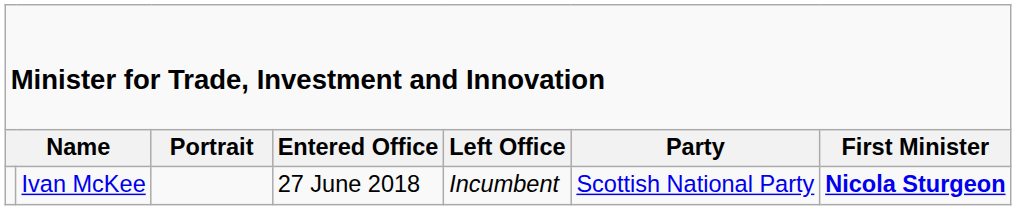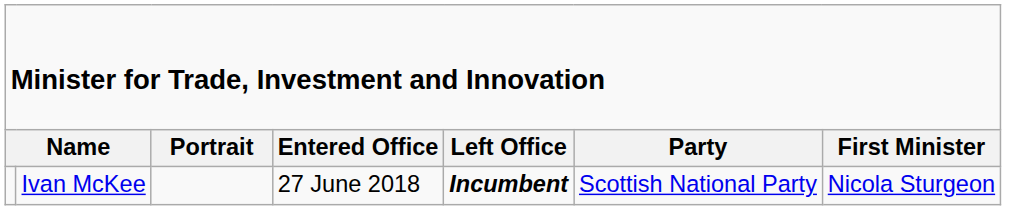 <table class="wikitable" style="margin: 0 0 0 1em; background: #f9f9f9; border: 1px #aaaaaa solid; border-collapse: collapse; ">
 <tr>
 <td colspan="8"><br><h3>Minister for Trade, Investment and Innovation</h3></td>
 </tr>
 <tr>
 <th colspan="2">Name</th>
 <th width=75>Portrait</th>
 <th>Entered Office</th>
 <th>Left Office</th>
 <th>Party</th>
 <th>First Minister</th>
 </tr>
 <tr>
 <td></td>
 <td><a href='#'>Ivan McKee</a></td>
 <td></td>
 <td>27 June 2018</td>
-<td><em>Incumbent</em></td>
+<td><strong><em>Incumbent</em></strong></td>
 <td><a href='#'>Scottish National Party</a></td>
-<td><strong><a href='#'>Nicola Sturgeon</a></strong></td>
+<td><a href='#'>Nicola Sturgeon</a></td>
 </tr>
 </table>
